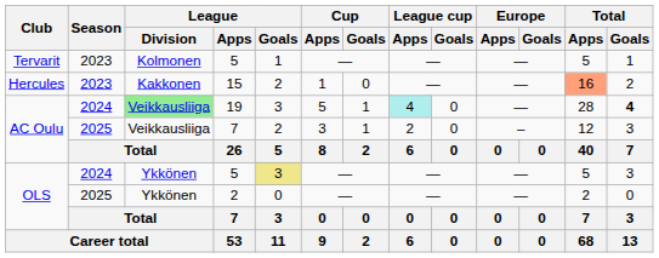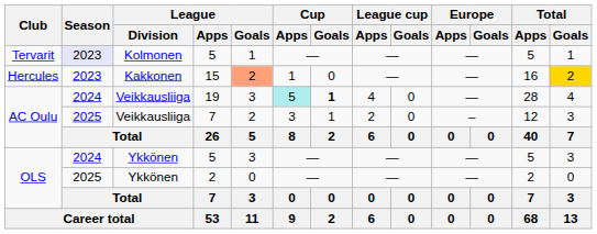 <table class="wikitable" style="text-align:center">
 <tr>
 <th rowspan="2">Club</th>
 <th rowspan="2">Season</th>
 <th colspan="3">League</th>
 <th colspan="2">Cup</th>
 <th colspan="2">League cup</th>
 <th colspan="2">Europe</th>
 <th colspan="2">Total</th>
 </tr>
 <tr>
 <th>Division</th>
 <th>Apps</th>
 <th>Goals</th>
 <th>Apps</th>
 <th>Goals</th>
 <th>Apps</th>
 <th>Goals</th>
 <th>Apps</th>
 <th>Goals</th>
 <th>Apps</th>
 <th>Goals</th>
 </tr>
 <tr>
 <td><a href='#'>Tervarit</a></td>
-<td>2023</td>
+<td style="background: lavender;">2023</td>
 <td><a href='#'>Kolmonen</a></td>
 <td>5</td>
 <td>1</td>
 <td colspan="2">—</td>
 <td colspan="2">—</td>
 <td colspan="2">—</td>
 <td>5</td>
 <td>1</td>
 </tr>
 <tr>
 <td><a href='#'>Hercules</a></td>
 <td><a href='#'>2023</a></td>
 <td><a href='#'>Kakkonen</a></td>
 <td>15</td>
-<td>2</td>
+<td style="background: lightsalmon;">2</td>
 <td>1</td>
 <td>0</td>
 <td colspan="2">—</td>
 <td colspan="2">—</td>
-<td style="background: lightsalmon;">16</td>
-<td>2</td>
+<td>16</td>
+<td style="background: gold;">2</td>
 </tr>
 <tr>
 <td rowspan=3><a href='#'>AC Oulu</a></td>
 <td><a href='#'>2024</a></td>
-<td style="background: lightgreen;"><a href='#'>Veikkausliiga</a></td>
+<td><a href='#'>Veikkausliiga</a></td>
 <td>19</td>
 <td>3</td>
-<td>5</td>
-<td>1</td>
-<td style="background: paleturquoise;">4</td>
+<td style="background: paleturquoise;">5</td>
+<td><strong>1</strong></td>
+<td>4</td>
 <td>0</td>
 <td colspan="2">—</td>
 <td>28</td>
-<td><strong>4</strong></td>
+<td>4</td>
 </tr>
 <tr>
 <td><a href='#'>2025</a></td>
 <td>Veikkausliiga</td>
 <td>7</td>
 <td>2</td>
 <td>3</td>
 <td>1</td>
 <td>2</td>
 <td>0</td>
 <td colspan=2>–</td>
 <td>12</td>
 <td>3</td>
 </tr>
 <tr>
 <th colspan=2>Total</th>
 <th>26</th>
 <th>5</th>
 <th>8</th>
 <th>2</th>
 <th>6</th>
 <th>0</th>
 <th>0</th>
 <th>0</th>
 <th>40</th>
 <th>7</th>
 </tr>
 <tr>
 <td rowspan=3><a href='#'>OLS</a></td>
 <td><a href='#'>2024</a></td>
 <td><a href='#'>Ykkönen</a></td>
 <td>5</td>
-<td style="background: khaki;">3</td>
+<td>3</td>
 <td colspan="2">—</td>
 <td colspan="2">—</td>
 <td colspan="2">—</td>
 <td>5</td>
 <td>3</td>
 </tr>
 <tr>
 <td>2025</td>
 <td>Ykkönen</td>
 <td>2</td>
 <td>0</td>
 <td colspan="2">—</td>
 <td colspan="2">—</td>
 <td colspan="2">—</td>
 <td>2</td>
 <td>0</td>
 </tr>
 <tr>
 <th colspan=2>Total</th>
 <th>7</th>
 <th>3</th>
 <th>0</th>
 <th>0</th>
 <th>0</th>
 <th>0</th>
 <th>0</th>
 <th>0</th>
 <th>7</th>
 <th>3</th>
 </tr>
 <tr>
 <th colspan="3">Career total</th>
 <th>53</th>
 <th>11</th>
 <th>9</th>
 <th>2</th>
 <th>6</th>
 <th>0</th>
 <th>0</th>
 <th>0</th>
 <th>68</th>
 <th>13</th>
 </tr>
 </table>
